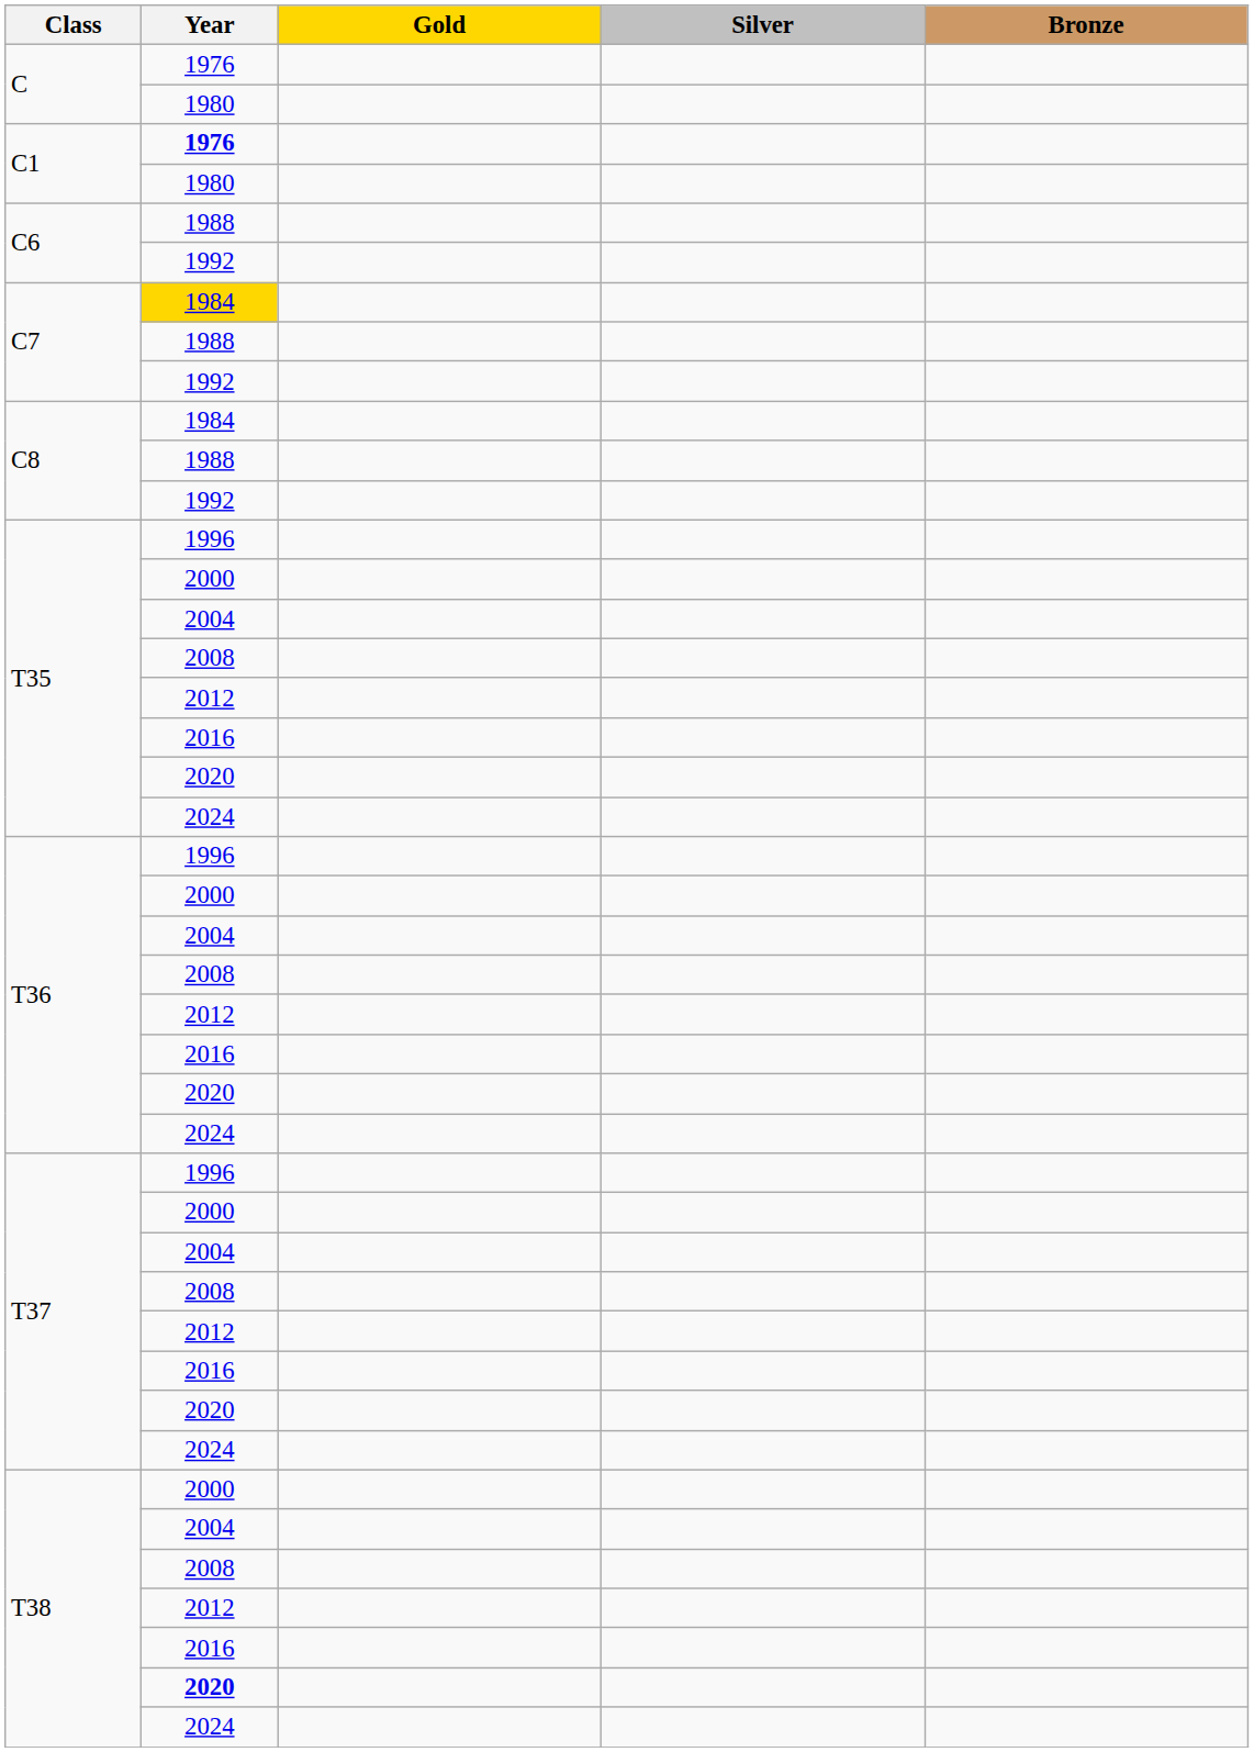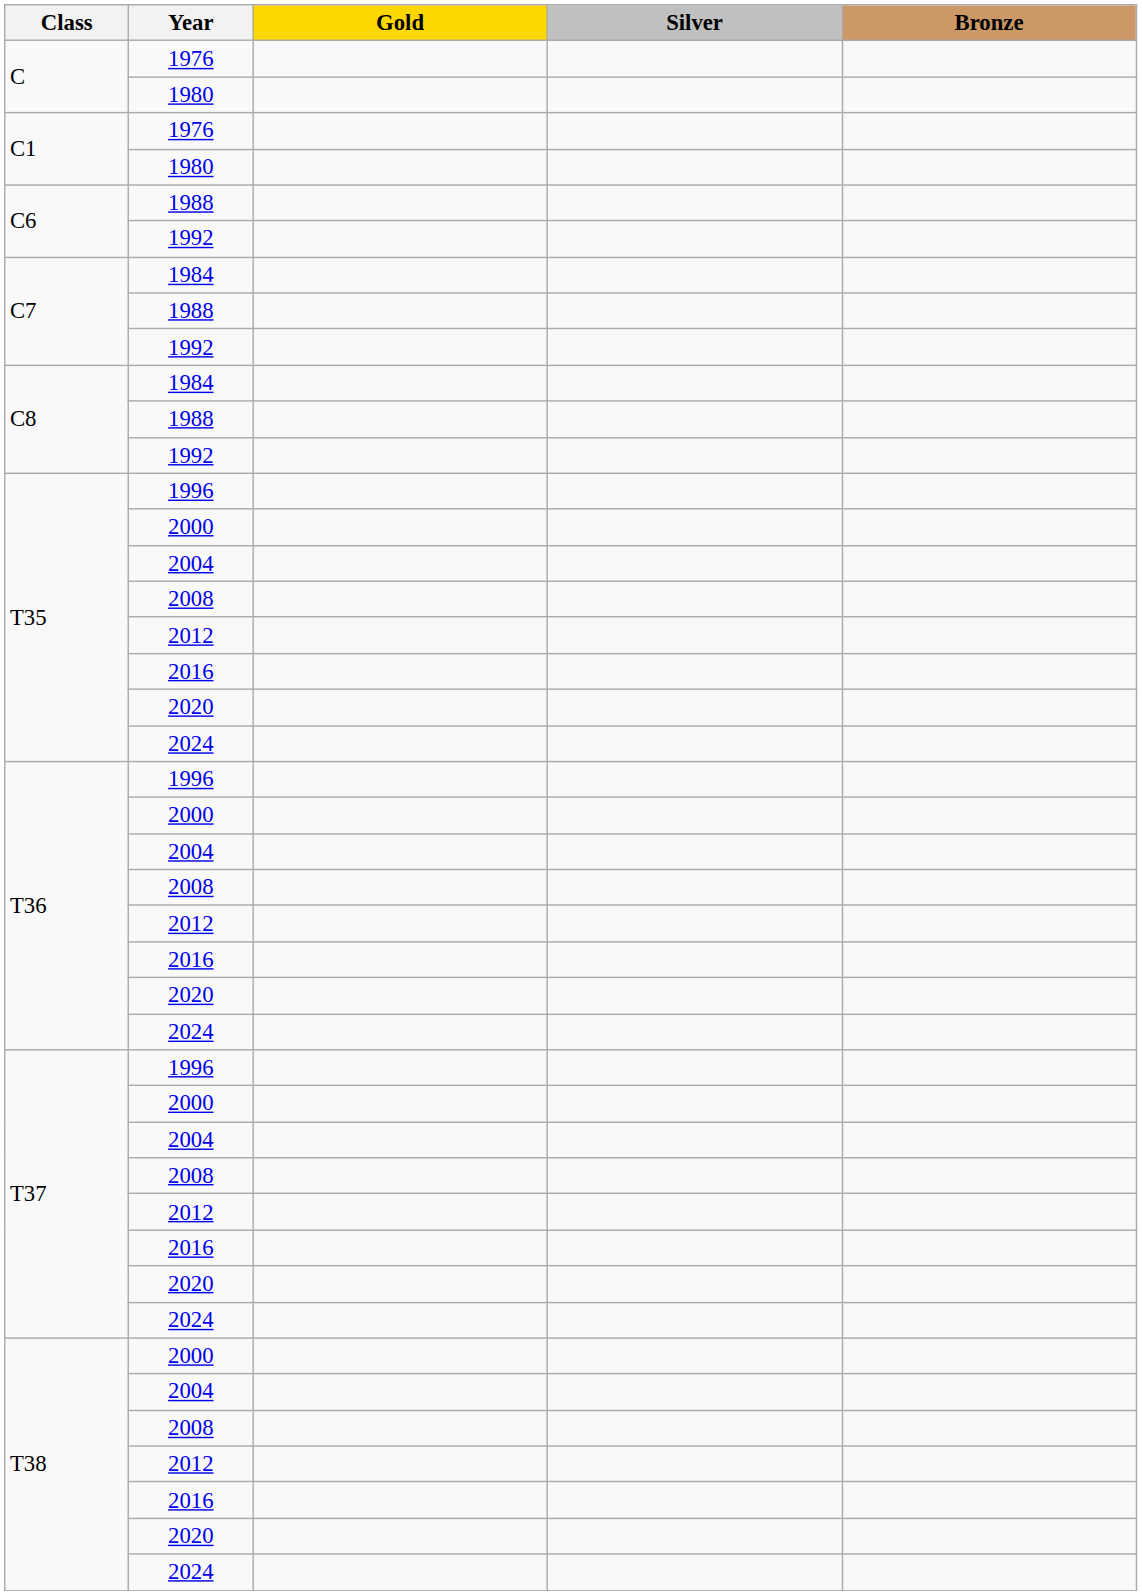 <table class="wikitable">
 <tr>
 <th width=80>Class</th>
 <th width=80>Year</th>
 <td align=center width=200 bgcolor=gold><strong>Gold</strong></td>
 <td align=center width=200 bgcolor=silver><strong>Silver</strong></td>
 <td align=center width=200 bgcolor=cc9966><strong>Bronze</strong></td>
 </tr>
 <tr>
 <td rowspan=2>C</td>
 <td align=center><a href='#'>1976</a></td>
 <td></td>
 <td></td>
 <td></td>
 </tr>
 <tr>
 <td align=center><a href='#'>1980</a></td>
 <td></td>
 <td></td>
 <td></td>
 </tr>
 <tr>
 <td rowspan=2>C1</td>
-<td align=center><strong><a href='#'>1976</a></strong></td>
+<td align=center><a href='#'>1976</a></td>
 <td></td>
 <td></td>
 <td></td>
 </tr>
 <tr>
 <td align=center><a href='#'>1980</a></td>
 <td></td>
 <td></td>
 <td></td>
 </tr>
 <tr>
 <td rowspan=2>C6</td>
 <td align=center><a href='#'>1988</a></td>
 <td></td>
 <td></td>
 <td></td>
 </tr>
 <tr>
 <td align=center><a href='#'>1992</a></td>
 <td></td>
 <td></td>
 <td></td>
 </tr>
 <tr>
 <td rowspan=3>C7</td>
-<td align=center style="background: gold;"><a href='#'>1984</a></td>
+<td align=center><a href='#'>1984</a></td>
 <td></td>
 <td></td>
 <td></td>
 </tr>
 <tr>
 <td align=center><a href='#'>1988</a></td>
 <td></td>
 <td></td>
 <td></td>
 </tr>
 <tr>
 <td align=center><a href='#'>1992</a></td>
 <td></td>
 <td></td>
 <td></td>
 </tr>
 <tr>
 <td rowspan=3>C8</td>
 <td align=center><a href='#'>1984</a></td>
 <td></td>
 <td></td>
 <td></td>
 </tr>
 <tr>
 <td align=center><a href='#'>1988</a></td>
 <td></td>
 <td></td>
 <td></td>
 </tr>
 <tr>
 <td align=center><a href='#'>1992</a></td>
 <td></td>
 <td></td>
 <td></td>
 </tr>
 <tr>
 <td rowspan=8>T35</td>
 <td align=center><a href='#'>1996</a></td>
 <td></td>
 <td></td>
 <td></td>
 </tr>
 <tr>
 <td align=center><a href='#'>2000</a></td>
 <td></td>
 <td></td>
 <td></td>
 </tr>
 <tr>
 <td align=center><a href='#'>2004</a></td>
 <td></td>
 <td></td>
 <td></td>
 </tr>
 <tr>
 <td align=center><a href='#'>2008</a></td>
 <td></td>
 <td></td>
 <td></td>
 </tr>
 <tr>
 <td align=center><a href='#'>2012</a></td>
 <td></td>
 <td></td>
 <td></td>
 </tr>
 <tr>
 <td align=center><a href='#'>2016</a></td>
 <td></td>
 <td></td>
 <td></td>
 </tr>
 <tr>
 <td align=center><a href='#'>2020</a></td>
 <td></td>
 <td></td>
 <td></td>
 </tr>
 <tr>
 <td align=center><a href='#'>2024</a></td>
 <td></td>
 <td></td>
 <td></td>
 </tr>
 <tr>
 <td rowspan=8>T36</td>
 <td align=center><a href='#'>1996</a></td>
 <td></td>
 <td></td>
 <td></td>
 </tr>
 <tr>
 <td align=center><a href='#'>2000</a></td>
 <td></td>
 <td></td>
 <td></td>
 </tr>
 <tr>
 <td align=center><a href='#'>2004</a></td>
 <td></td>
 <td></td>
 <td></td>
 </tr>
 <tr>
 <td align=center><a href='#'>2008</a></td>
 <td></td>
 <td></td>
 <td></td>
 </tr>
 <tr>
 <td align=center><a href='#'>2012</a></td>
 <td></td>
 <td></td>
 <td></td>
 </tr>
 <tr>
 <td align=center><a href='#'>2016</a></td>
 <td></td>
 <td></td>
 <td></td>
 </tr>
 <tr>
 <td align=center><a href='#'>2020</a></td>
 <td></td>
 <td></td>
 <td></td>
 </tr>
 <tr>
 <td align=center><a href='#'>2024</a></td>
 <td></td>
 <td></td>
 <td></td>
 </tr>
 <tr>
 <td rowspan=8>T37</td>
 <td align=center><a href='#'>1996</a></td>
 <td></td>
 <td></td>
 <td></td>
 </tr>
 <tr>
 <td align=center><a href='#'>2000</a></td>
 <td></td>
 <td></td>
 <td></td>
 </tr>
 <tr>
 <td align=center><a href='#'>2004</a></td>
 <td></td>
 <td></td>
 <td></td>
 </tr>
 <tr>
 <td align=center><a href='#'>2008</a></td>
 <td></td>
 <td></td>
 <td></td>
 </tr>
 <tr>
 <td align=center><a href='#'>2012</a></td>
 <td></td>
 <td></td>
 <td></td>
 </tr>
 <tr>
 <td align=center><a href='#'>2016</a></td>
 <td></td>
 <td></td>
 <td></td>
 </tr>
 <tr>
 <td align=center><a href='#'>2020</a></td>
 <td></td>
 <td></td>
 <td></td>
 </tr>
 <tr>
 <td align=center><a href='#'>2024</a></td>
 <td></td>
 <td></td>
 <td></td>
 </tr>
 <tr>
 <td rowspan=7>T38</td>
 <td align=center><a href='#'>2000</a></td>
 <td></td>
 <td></td>
 <td></td>
 </tr>
 <tr>
 <td align=center><a href='#'>2004</a></td>
 <td></td>
 <td></td>
 <td></td>
 </tr>
 <tr>
 <td align=center><a href='#'>2008</a></td>
 <td></td>
 <td></td>
 <td></td>
 </tr>
 <tr>
 <td align=center><a href='#'>2012</a></td>
 <td></td>
 <td></td>
 <td></td>
 </tr>
 <tr>
 <td align=center><a href='#'>2016</a></td>
 <td></td>
 <td></td>
 <td></td>
 </tr>
 <tr>
-<td align=center><strong><a href='#'>2020</a></strong></td>
+<td align=center><a href='#'>2020</a></td>
 <td></td>
 <td></td>
 <td></td>
 </tr>
 <tr>
 <td align=center><a href='#'>2024</a></td>
 <td></td>
 <td></td>
 <td></td>
 </tr>
 </table>
